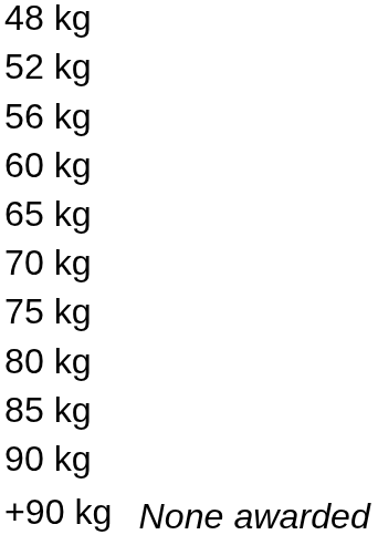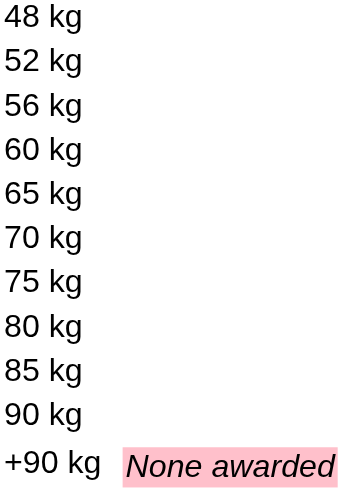 <table>
 <tr>
 <td rowspan=2>48 kg</td>
 <td rowspan=2></td>
 <td rowspan=2></td>
 <td></td>
 </tr>
 <tr>
 <td></td>
 </tr>
 <tr>
 <td rowspan=2>52 kg</td>
 <td rowspan=2></td>
 <td rowspan=2></td>
 <td></td>
 </tr>
 <tr>
 <td></td>
 </tr>
 <tr>
 <td rowspan=2>56 kg</td>
 <td rowspan=2></td>
 <td rowspan=2></td>
 <td></td>
 </tr>
 <tr>
 <td></td>
 </tr>
 <tr>
 <td rowspan=2>60 kg</td>
 <td rowspan=2></td>
 <td rowspan=2></td>
 <td></td>
 </tr>
 <tr>
 <td></td>
 </tr>
 <tr>
 <td rowspan=2>65 kg</td>
 <td rowspan=2></td>
 <td rowspan=2></td>
 <td></td>
 </tr>
 <tr>
 <td></td>
 </tr>
 <tr>
 <td rowspan=2>70 kg</td>
 <td rowspan=2></td>
 <td rowspan=2></td>
 <td></td>
 </tr>
 <tr>
 <td></td>
 </tr>
 <tr>
 <td rowspan=2>75 kg</td>
 <td rowspan=2></td>
 <td rowspan=2></td>
 <td></td>
 </tr>
 <tr>
 <td></td>
 </tr>
 <tr>
 <td rowspan=2>80 kg</td>
 <td rowspan=2></td>
 <td rowspan=2></td>
 <td></td>
 </tr>
 <tr>
 <td></td>
 </tr>
 <tr>
 <td rowspan=2>85 kg</td>
 <td rowspan=2></td>
 <td rowspan=2></td>
 <td></td>
 </tr>
 <tr>
 <td></td>
 </tr>
 <tr>
 <td rowspan=2>90 kg</td>
 <td rowspan=2></td>
 <td rowspan=2></td>
 <td></td>
 </tr>
 <tr>
 <td></td>
 </tr>
 <tr>
 <td rowspan=2>+90 kg</td>
 <td rowspan=2></td>
 <td rowspan=2></td>
 <td></td>
 </tr>
 <tr>
-<td><em>None awarded</em></td>
+<td style="background: pink;"><em>None awarded</em></td>
 </tr>
 </table>
